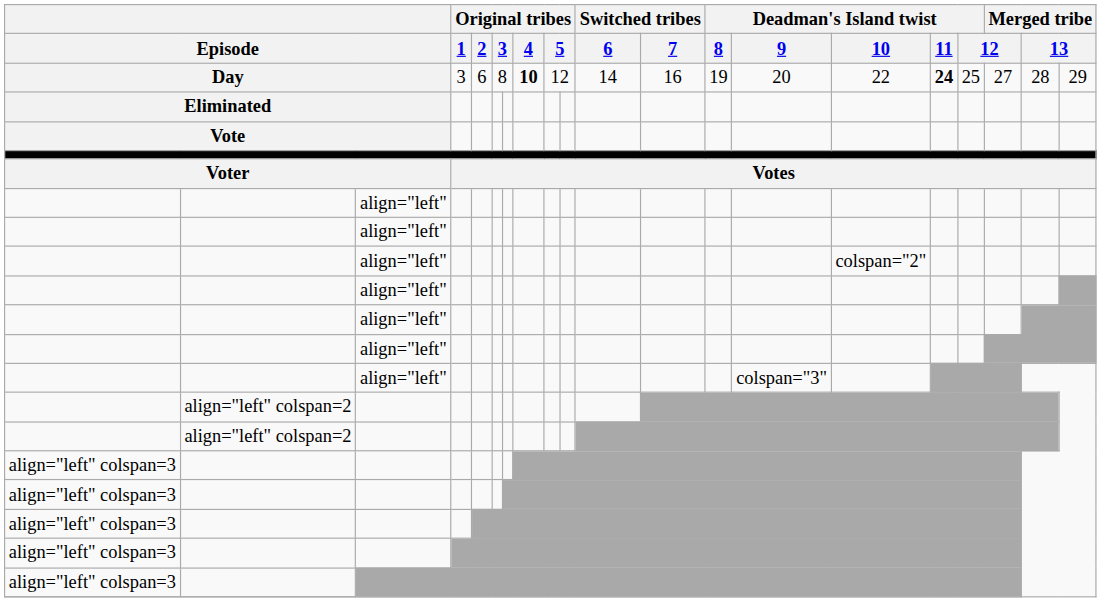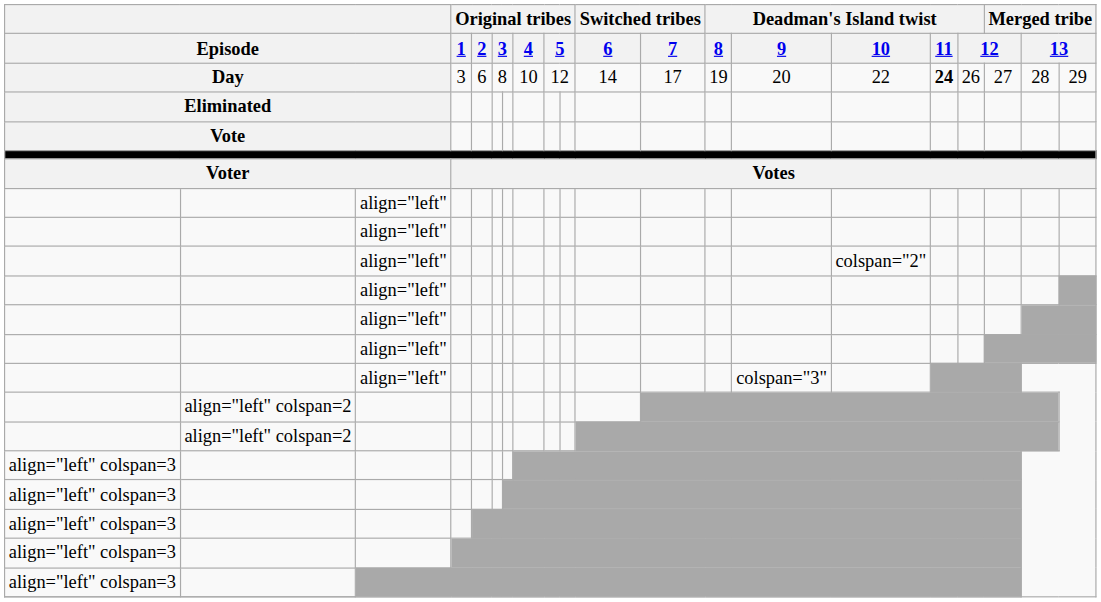 <table class="wikitable" style="text-align:center">
 <tr>
 <th colspan=3></th>
 <th colspan=7>Original tribes</th>
 <th colspan=2>Switched tribes</th>
 <th colspan=5>Deadman's Island twist </th>
 <th colspan=3>Merged tribe</th>
 </tr>
 <tr>
 <th colspan=3>Episode</th>
 <th><a href='#'>1</a></th>
 <th><a href='#'>2</a></th>
 <th colspan=2><a href='#'>3</a></th>
 <th><a href='#'>4</a></th>
 <th colspan=2><a href='#'>5</a></th>
 <th><a href='#'>6</a></th>
 <th><a href='#'>7</a></th>
 <th><a href='#'>8</a></th>
 <th><a href='#'>9</a></th>
 <th><a href='#'>10</a></th>
 <th><a href='#'>11</a></th>
 <th colspan=2><a href='#'>12</a></th>
 <th colspan=2><a href='#'>13</a></th>
 </tr>
 <tr>
 <th colspan=3>Day</th>
 <td>3</td>
 <td>6</td>
 <td colspan=2>8</td>
-<td><strong>10</strong></td>
+<td>10</td>
 <td colspan=2>12</td>
 <td>14</td>
-<td>16</td>
+<td>17</td>
 <td>19</td>
 <td>20</td>
 <td>22</td>
 <td><strong>24</strong></td>
-<td>25</td>
+<td>26</td>
 <td>27</td>
 <td>28</td>
 <td>29</td>
 </tr>
 <tr>
 <th colspan=3>Eliminated</th>
 <td></td>
 <td></td>
 <td></td>
 <td></td>
 <td></td>
 <td></td>
 <td></td>
 <td></td>
 <td></td>
 <td></td>
 <td></td>
 <td></td>
 <td></td>
 <td></td>
 <td></td>
 <td></td>
 <td></td>
 </tr>
 <tr>
 <th colspan=3>Vote</th>
 <td></td>
 <td></td>
 <td></td>
 <td></td>
 <td></td>
 <td></td>
 <td></td>
 <td></td>
 <td></td>
 <td></td>
 <td></td>
 <td></td>
 <td></td>
 <td></td>
 <td></td>
 <td></td>
 <td></td>
 </tr>
 <tr>
 <td colspan="20" bgcolor="black"></td>
 </tr>
 <tr>
 <th colspan=3>Voter</th>
 <th colspan=17>Votes</th>
 </tr>
 <tr>
 <td></td>
 <td></td>
 <td>align="left" </td>
 <td></td>
 <td></td>
 <td></td>
 <td></td>
 <td></td>
 <td></td>
 <td></td>
 <td></td>
 <td></td>
 <td></td>
 <td></td>
 <td></td>
 <td></td>
 <td></td>
 <td></td>
 <td></td>
 <td></td>
 </tr>
 <tr>
 <td></td>
 <td></td>
 <td>align="left" </td>
 <td></td>
 <td></td>
 <td></td>
 <td></td>
 <td></td>
 <td></td>
 <td></td>
 <td></td>
 <td></td>
 <td></td>
 <td></td>
 <td></td>
 <td></td>
 <td></td>
 <td></td>
 <td></td>
 <td></td>
 </tr>
 <tr>
 <td></td>
 <td></td>
 <td>align="left" </td>
 <td></td>
 <td></td>
 <td></td>
 <td></td>
 <td></td>
 <td></td>
 <td></td>
 <td></td>
 <td></td>
 <td></td>
 <td></td>
 <td>colspan="2" </td>
 <td></td>
 <td></td>
 <td></td>
 <td></td>
 </tr>
 <tr>
 <td></td>
 <td></td>
 <td>align="left" </td>
 <td></td>
 <td></td>
 <td></td>
 <td></td>
 <td></td>
 <td></td>
 <td></td>
 <td></td>
 <td></td>
 <td></td>
 <td></td>
 <td></td>
 <td></td>
 <td></td>
 <td></td>
 <td></td>
 <td bgcolor="darkgray"></td>
 </tr>
 <tr>
 <td></td>
 <td></td>
 <td>align="left" </td>
 <td></td>
 <td></td>
 <td></td>
 <td></td>
 <td></td>
 <td></td>
 <td></td>
 <td></td>
 <td></td>
 <td></td>
 <td></td>
 <td></td>
 <td></td>
 <td></td>
 <td></td>
 <td bgcolor="darkgray" colspan=2></td>
 </tr>
 <tr>
 <td></td>
 <td></td>
 <td>align="left" </td>
 <td></td>
 <td></td>
 <td></td>
 <td></td>
 <td></td>
 <td></td>
 <td></td>
 <td></td>
 <td></td>
 <td></td>
 <td></td>
 <td></td>
 <td></td>
 <td></td>
 <td bgcolor="darkgray" colspan=3></td>
 </tr>
 <tr>
 <td></td>
 <td></td>
 <td>align="left" </td>
 <td></td>
 <td></td>
 <td></td>
 <td></td>
 <td></td>
 <td></td>
 <td></td>
 <td></td>
 <td></td>
 <td></td>
 <td>colspan="3" </td>
 <td></td>
 <td bgcolor="darkgray" colspan=3></td>
 </tr>
 <tr>
 <td></td>
 <td>align="left" colspan=2 </td>
 <td></td>
 <td></td>
 <td></td>
 <td></td>
 <td></td>
 <td></td>
 <td></td>
 <td></td>
 <td></td>
 <td bgcolor="darkgray" colspan=8></td>
 </tr>
 <tr>
 <td></td>
 <td>align="left" colspan=2 </td>
 <td></td>
 <td></td>
 <td></td>
 <td></td>
 <td></td>
 <td></td>
 <td></td>
 <td></td>
 <td bgcolor="darkgray" colspan=9></td>
 </tr>
 <tr>
 <td>align="left" colspan=3 </td>
 <td></td>
 <td></td>
 <td></td>
 <td></td>
 <td></td>
 <td></td>
 <td bgcolor="darkgray" colspan=11></td>
 </tr>
 <tr>
 <td>align="left" colspan=3 </td>
 <td></td>
 <td></td>
 <td></td>
 <td></td>
 <td></td>
 <td bgcolor="darkgray" colspan=12></td>
 </tr>
 <tr>
 <td>align="left" colspan=3 </td>
 <td></td>
 <td></td>
 <td></td>
 <td bgcolor="darkgray" colspan=14></td>
 </tr>
 <tr>
 <td>align="left" colspan=3 </td>
 <td></td>
 <td></td>
 <td bgcolor="darkgray" colspan=15></td>
 </tr>
 <tr>
 <td>align="left" colspan=3 </td>
 <td></td>
 <td bgcolor="darkgray" colspan=16></td>
 </tr>
 <tr>
 </tr>
 </table>
